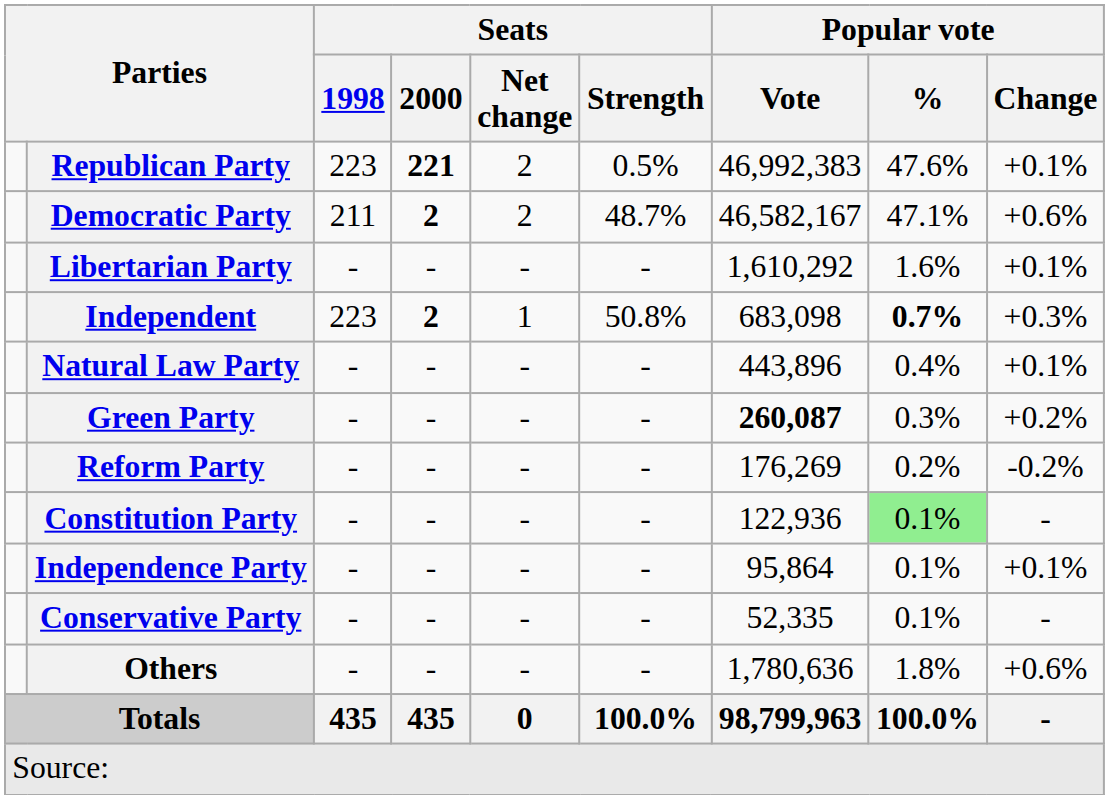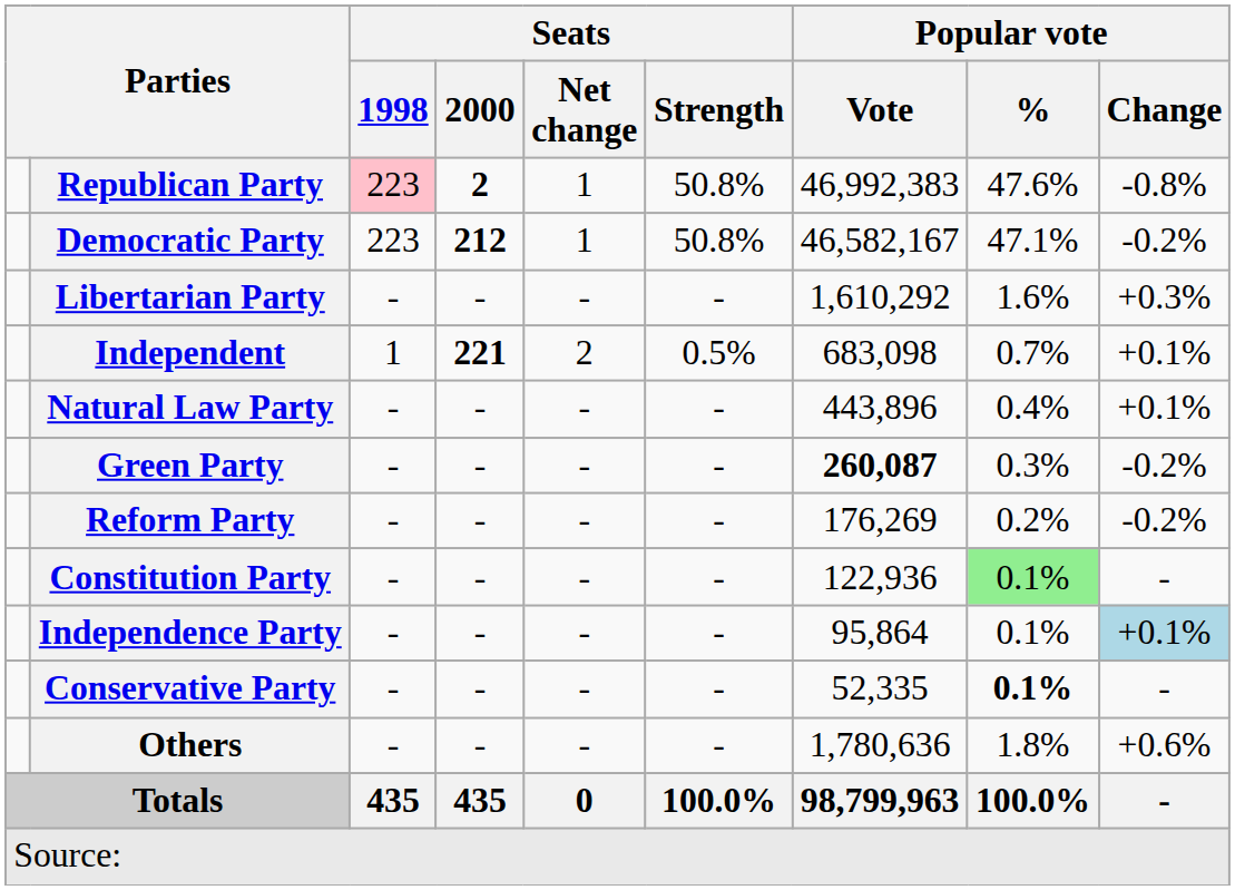 <table class=wikitable style="text-align:center">
 <tr>
 <th rowspan= 2 colspan=2>Parties</th>
 <th colspan=4>Seats</th>
 <th colspan=3>Popular vote</th>
 </tr>
 <tr bgcolor=#E9E9E9>
 <th><a href='#'>1998</a></th>
 <th>2000</th>
 <th>Net<br>change</th>
 <th>Strength</th>
 <th>Vote</th>
 <th>%</th>
 <th>Change</th>
 </tr>
 <tr>
 <td style="background-color:"> </td>
 <th><a href='#'>Republican Party</a></th>
-<td>223</td>
-<td><strong>221</strong></td>
-<td> 2</td>
-<td>0.5%</td>
+<td style="background: pink;">223</td>
+<td><strong>2</strong></td>
+<td> 1</td>
+<td>50.8%</td>
 <td>46,992,383</td>
 <td>47.6%</td>
-<td>+0.1%</td>
+<td>-0.8%</td>
 </tr>
 <tr>
 <td style="background-color:"> </td>
 <th><a href='#'>Democratic Party</a></th>
-<td>211</td>
-<td><strong>2</strong></td>
-<td> 2</td>
-<td>48.7%</td>
+<td>223</td>
+<td><strong>212</strong></td>
+<td> 1</td>
+<td>50.8%</td>
 <td>46,582,167</td>
 <td>47.1%</td>
-<td>+0.6%</td>
+<td>-0.2%</td>
 </tr>
 <tr>
 <td style="background-color:"> </td>
 <th><a href='#'>Libertarian Party</a></th>
 <td>-</td>
 <td>-</td>
 <td>-</td>
 <td>-</td>
 <td>1,610,292</td>
 <td>1.6%</td>
-<td>+0.1%</td>
+<td>+0.3%</td>
 </tr>
 <tr>
 <td style="background-color:"> </td>
 <th><a href='#'>Independent</a></th>
-<td>223</td>
-<td><strong>2</strong></td>
-<td> 1</td>
-<td>50.8%</td>
+<td>1</td>
+<td><strong>221</strong></td>
+<td> 2</td>
+<td>0.5%</td>
 <td>683,098</td>
-<td><strong>0.7%</strong></td>
-<td>+0.3%</td>
+<td>0.7%</td>
+<td>+0.1%</td>
 </tr>
 <tr>
 <td style="background-color:"> </td>
 <th><a href='#'>Natural Law Party</a></th>
 <td>-</td>
 <td>-</td>
 <td>-</td>
 <td>-</td>
 <td>443,896</td>
 <td>0.4%</td>
 <td>+0.1%</td>
 </tr>
 <tr>
 <td style="background-color:"> </td>
 <th><a href='#'>Green Party</a></th>
 <td>-</td>
 <td>-</td>
 <td>-</td>
 <td>-</td>
 <td><strong>260,087</strong></td>
 <td>0.3%</td>
-<td>+0.2%</td>
+<td>-0.2%</td>
 </tr>
 <tr>
 <td style="background-color:"> </td>
 <th><a href='#'>Reform Party</a></th>
 <td>-</td>
 <td>-</td>
 <td>-</td>
 <td>-</td>
 <td>176,269</td>
 <td>0.2%</td>
 <td>-0.2%</td>
 </tr>
 <tr>
 <td style="background-color:"> </td>
 <th><a href='#'>Constitution Party</a></th>
 <td>-</td>
 <td>-</td>
 <td>-</td>
 <td>-</td>
 <td>122,936</td>
 <td style="background: lightgreen;">0.1%</td>
 <td>-</td>
 </tr>
 <tr>
 <td style="background-color:"> </td>
 <th><a href='#'>Independence Party</a></th>
 <td>-</td>
 <td>-</td>
 <td>-</td>
 <td>-</td>
 <td>95,864</td>
 <td>0.1%</td>
-<td>+0.1%</td>
+<td style="background: lightblue;">+0.1%</td>
 </tr>
 <tr>
 <td style="background-color:"> </td>
 <th><a href='#'>Conservative Party</a></th>
 <td>-</td>
 <td>-</td>
 <td>-</td>
 <td>-</td>
 <td>52,335</td>
-<td>0.1%</td>
+<td><strong>0.1%</strong></td>
 <td>-</td>
 </tr>
 <tr>
 <td style="background-color:"> </td>
 <th>Others</th>
 <td>-</td>
 <td>-</td>
 <td>-</td>
 <td>-</td>
 <td>1,780,636</td>
 <td>1.8%</td>
 <td>+0.6%</td>
 </tr>
 <tr bgcolor=CCCCCC>
 <td align="center" colspan=2><strong>Totals</strong></td>
 <th>435</th>
 <th>435</th>
 <th>0</th>
 <th>100.0%</th>
 <th>98,799,963</th>
 <th>100.0%</th>
 <th>-</th>
 </tr>
 <tr bgcolor=E9E9E9>
 <td align="left" colspan=9>Source: </td>
 </tr>
 </table>
